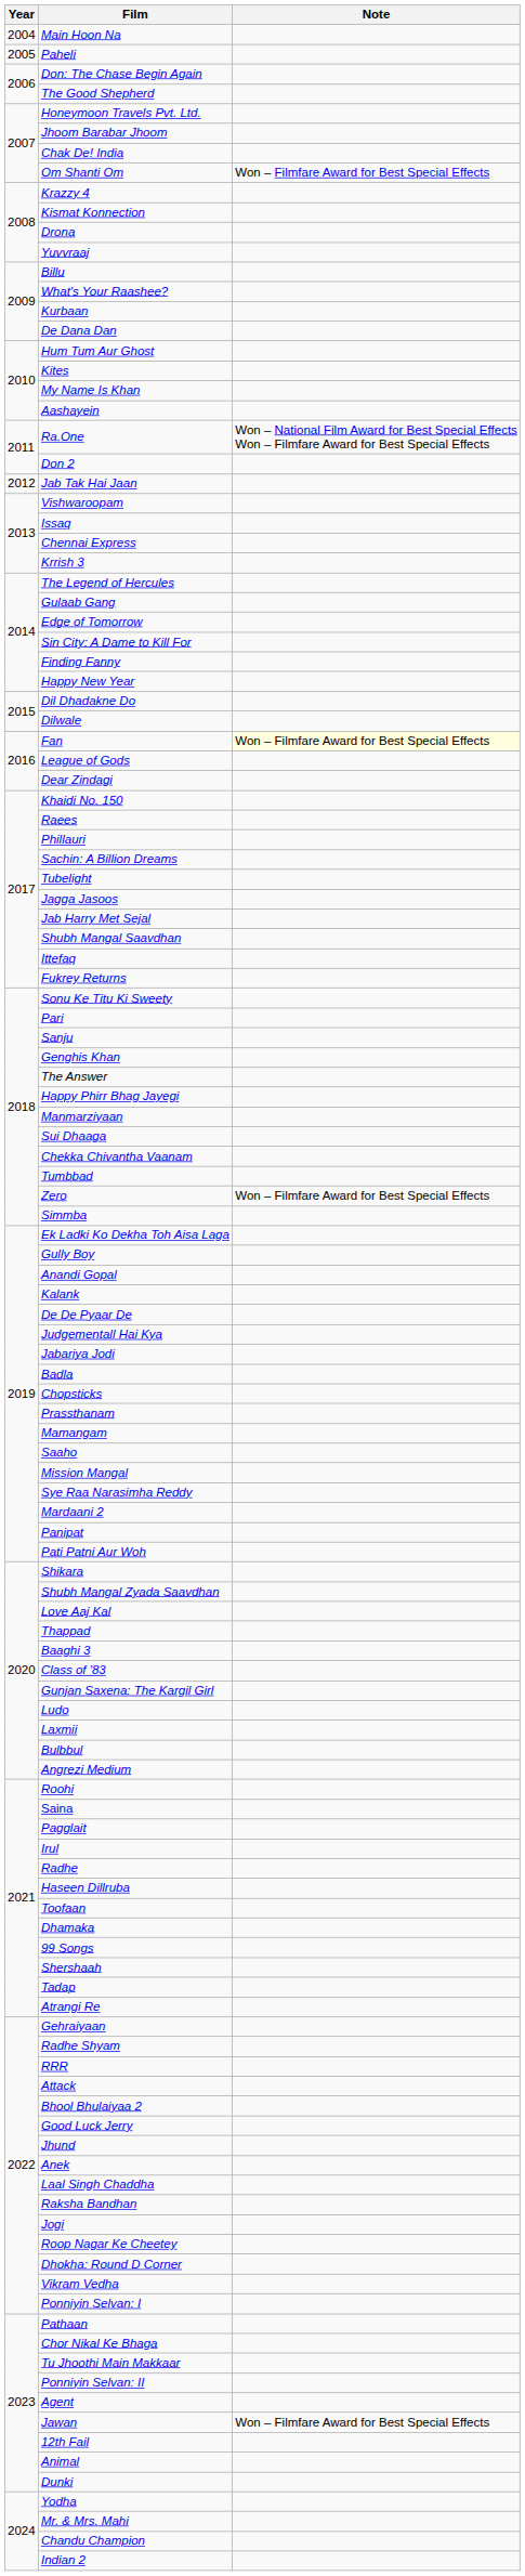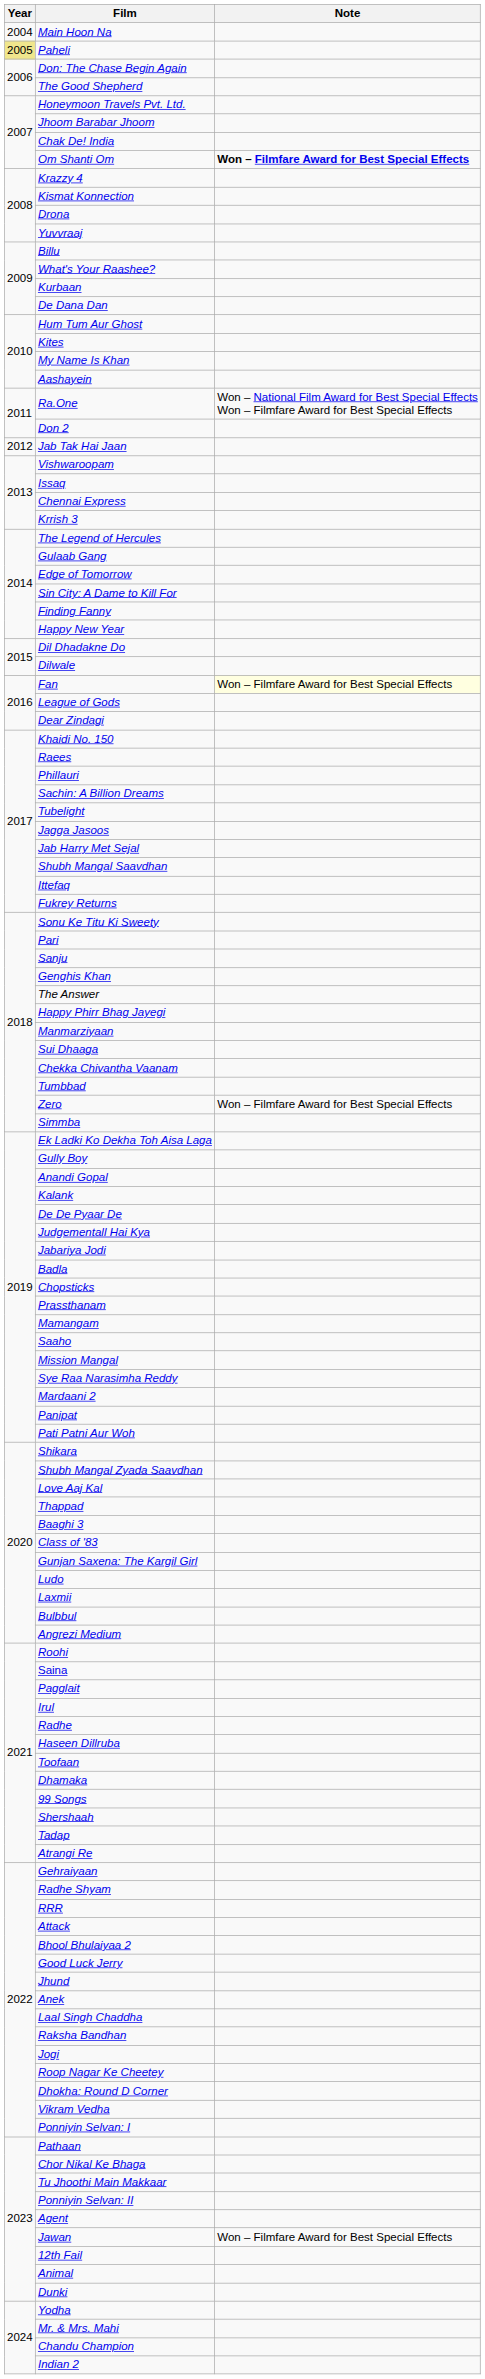 <table class="wikitable">
 <tr>
 <th>Year</th>
 <th>Film</th>
 <th>Note</th>
 </tr>
 <tr>
 <td>2004</td>
 <td><em><a href='#'>Main Hoon Na</a></em></td>
 <td></td>
 </tr>
 <tr>
-<td>2005</td>
+<td style="background: khaki;">2005</td>
 <td><em><a href='#'>Paheli</a></em></td>
 <td></td>
 </tr>
 <tr>
 <td rowspan="2">2006</td>
 <td><em><a href='#'>Don: The Chase Begin Again</a></em></td>
 <td></td>
 </tr>
 <tr>
 <td><em><a href='#'>The Good Shepherd</a></em></td>
 <td></td>
 </tr>
 <tr>
 <td rowspan="4">2007</td>
 <td><em><a href='#'>Honeymoon Travels Pvt. Ltd.</a></em></td>
 <td></td>
 </tr>
 <tr>
 <td><em><a href='#'>Jhoom Barabar Jhoom</a></em></td>
 <td></td>
 </tr>
 <tr>
 <td><em><a href='#'>Chak De! India</a></em></td>
 <td></td>
 </tr>
 <tr>
 <td><em><a href='#'>Om Shanti Om</a></em></td>
-<td>Won – <a href='#'>Filmfare Award for Best Special Effects</a></td>
+<td><strong>Won – <a href='#'>Filmfare Award for Best Special Effects</a></strong></td>
 </tr>
 <tr>
 <td rowspan="4">2008</td>
 <td><em><a href='#'>Krazzy 4</a></em></td>
 <td></td>
 </tr>
 <tr>
 <td><em><a href='#'>Kismat Konnection</a></em></td>
 <td></td>
 </tr>
 <tr>
 <td><em><a href='#'>Drona</a></em></td>
 <td></td>
 </tr>
 <tr>
 <td><em><a href='#'>Yuvvraaj</a></em></td>
 <td></td>
 </tr>
 <tr>
 <td rowspan="4">2009</td>
 <td><em><a href='#'>Billu</a></em></td>
 <td></td>
 </tr>
 <tr>
 <td><em><a href='#'>What's Your Raashee?</a></em></td>
 <td></td>
 </tr>
 <tr>
 <td><em><a href='#'>Kurbaan</a></em></td>
 <td></td>
 </tr>
 <tr>
 <td><em><a href='#'>De Dana Dan</a></em></td>
 <td></td>
 </tr>
 <tr>
 <td rowspan="4">2010</td>
 <td><em><a href='#'>Hum Tum Aur Ghost</a></em></td>
 <td></td>
 </tr>
 <tr>
 <td><em><a href='#'>Kites</a></em></td>
 <td></td>
 </tr>
 <tr>
 <td><em><a href='#'>My Name Is Khan</a></em></td>
 <td></td>
 </tr>
 <tr>
 <td><em><a href='#'>Aashayein</a></em></td>
 <td></td>
 </tr>
 <tr>
 <td rowspan="2">2011</td>
 <td><em><a href='#'>Ra.One</a></em></td>
 <td>Won – <a href='#'>National Film Award for Best Special Effects</a><br>Won – Filmfare Award for Best Special Effects</td>
 </tr>
 <tr>
 <td><em><a href='#'>Don 2</a></em></td>
 <td></td>
 </tr>
 <tr>
 <td>2012</td>
 <td><em><a href='#'>Jab Tak Hai Jaan</a></em></td>
 <td></td>
 </tr>
 <tr>
 <td rowspan="4">2013</td>
 <td><em><a href='#'>Vishwaroopam</a></em></td>
 <td></td>
 </tr>
 <tr>
 <td><em><a href='#'>Issaq</a></em></td>
 <td></td>
 </tr>
 <tr>
 <td><em><a href='#'>Chennai Express</a></em></td>
 <td></td>
 </tr>
 <tr>
 <td><em><a href='#'>Krrish 3</a></em></td>
 <td></td>
 </tr>
 <tr>
 <td rowspan="6">2014</td>
 <td><em><a href='#'>The Legend of Hercules</a></em></td>
 <td></td>
 </tr>
 <tr>
 <td><em><a href='#'>Gulaab Gang</a></em></td>
 <td></td>
 </tr>
 <tr>
 <td><em><a href='#'>Edge of Tomorrow</a></em></td>
 <td></td>
 </tr>
 <tr>
 <td><em><a href='#'>Sin City: A Dame to Kill For</a></em></td>
 <td></td>
 </tr>
 <tr>
 <td><em><a href='#'>Finding Fanny</a></em></td>
 <td></td>
 </tr>
 <tr>
 <td><em><a href='#'>Happy New Year</a></em></td>
 <td></td>
 </tr>
 <tr>
 <td rowspan="2">2015</td>
 <td><em><a href='#'>Dil Dhadakne Do</a></em></td>
 <td></td>
 </tr>
 <tr>
 <td><em><a href='#'>Dilwale</a></em></td>
 <td></td>
 </tr>
 <tr>
 <td rowspan="3">2016</td>
 <td><em><a href='#'>Fan</a></em></td>
 <td style="background: lightyellow;">Won – Filmfare Award for Best Special Effects</td>
 </tr>
 <tr>
 <td><em><a href='#'>League of Gods</a></em></td>
 <td></td>
 </tr>
 <tr>
 <td><em><a href='#'>Dear Zindagi</a></em></td>
 <td></td>
 </tr>
 <tr>
 <td rowspan="10">2017</td>
 <td><em><a href='#'>Khaidi No. 150</a></em></td>
 <td></td>
 </tr>
 <tr>
 <td><em><a href='#'>Raees</a></em></td>
 <td></td>
 </tr>
 <tr>
 <td><em><a href='#'>Phillauri</a></em></td>
 <td></td>
 </tr>
 <tr>
 <td><em><a href='#'>Sachin: A Billion Dreams</a></em></td>
 <td></td>
 </tr>
 <tr>
 <td><em><a href='#'>Tubelight</a></em></td>
 <td></td>
 </tr>
 <tr>
 <td><em><a href='#'>Jagga Jasoos</a></em></td>
 <td></td>
 </tr>
 <tr>
 <td><em><a href='#'>Jab Harry Met Sejal</a></em></td>
 <td></td>
 </tr>
 <tr>
 <td><em><a href='#'>Shubh Mangal Saavdhan</a></em></td>
 <td></td>
 </tr>
 <tr>
 <td><em><a href='#'>Ittefaq</a></em></td>
 <td></td>
 </tr>
 <tr>
 <td><em><a href='#'>Fukrey Returns</a></em></td>
 <td></td>
 </tr>
 <tr>
 <td rowspan="12">2018</td>
 <td><em><a href='#'>Sonu Ke Titu Ki Sweety</a></em></td>
 <td></td>
 </tr>
 <tr>
 <td><em><a href='#'>Pari</a></em></td>
 <td></td>
 </tr>
 <tr>
 <td><em><a href='#'>Sanju</a></em></td>
 <td></td>
 </tr>
 <tr>
 <td><em><a href='#'>Genghis Khan</a></em></td>
 <td></td>
 </tr>
 <tr>
 <td><em>The Answer</em></td>
 <td></td>
 </tr>
 <tr>
 <td><em><a href='#'>Happy Phirr Bhag Jayegi</a></em></td>
 <td></td>
 </tr>
 <tr>
 <td><em><a href='#'>Manmarziyaan</a></em></td>
 <td></td>
 </tr>
 <tr>
 <td><em><a href='#'>Sui Dhaaga</a></em></td>
 <td></td>
 </tr>
 <tr>
 <td><em><a href='#'>Chekka Chivantha Vaanam</a></em></td>
 <td></td>
 </tr>
 <tr>
 <td><em><a href='#'>Tumbbad</a></em></td>
 <td></td>
 </tr>
 <tr>
 <td><em><a href='#'>Zero</a></em></td>
 <td>Won – Filmfare Award for Best Special Effects</td>
 </tr>
 <tr>
 <td><em><a href='#'>Simmba</a></em></td>
 <td></td>
 </tr>
 <tr>
 <td rowspan="17">2019</td>
 <td><em><a href='#'>Ek Ladki Ko Dekha Toh Aisa Laga</a></em></td>
 <td></td>
 </tr>
 <tr>
 <td><em><a href='#'>Gully Boy</a></em></td>
 <td></td>
 </tr>
 <tr>
 <td><em><a href='#'>Anandi Gopal</a></em></td>
 <td></td>
 </tr>
 <tr>
 <td><em><a href='#'>Kalank</a></em></td>
 <td></td>
 </tr>
 <tr>
 <td><em><a href='#'>De De Pyaar De</a></em></td>
 <td></td>
 </tr>
 <tr>
 <td><em><a href='#'>Judgementall Hai Kya</a></em></td>
 <td></td>
 </tr>
 <tr>
 <td><em><a href='#'>Jabariya Jodi</a></em></td>
 <td></td>
 </tr>
 <tr>
 <td><a href='#'><em>Badla</em></a></td>
 <td></td>
 </tr>
 <tr>
 <td><em><a href='#'>Chopsticks</a></em></td>
 <td></td>
 </tr>
 <tr>
 <td><em><a href='#'>Prassthanam</a></em></td>
 <td></td>
 </tr>
 <tr>
 <td><em><a href='#'>Mamangam</a></em></td>
 <td></td>
 </tr>
 <tr>
 <td><em><a href='#'>Saaho</a></em></td>
 <td></td>
 </tr>
 <tr>
 <td><em><a href='#'>Mission Mangal</a></em></td>
 <td></td>
 </tr>
 <tr>
 <td><em><a href='#'>Sye Raa Narasimha Reddy</a></em></td>
 <td></td>
 </tr>
 <tr>
 <td><em><a href='#'>Mardaani 2</a></em></td>
 <td></td>
 </tr>
 <tr>
 <td><em><a href='#'>Panipat</a></em></td>
 <td></td>
 </tr>
 <tr>
 <td><em><a href='#'>Pati Patni Aur Woh</a></em></td>
 <td></td>
 </tr>
 <tr>
 <td rowspan="11">2020</td>
 <td><em><a href='#'>Shikara</a></em></td>
 <td></td>
 </tr>
 <tr>
 <td><em><a href='#'>Shubh Mangal Zyada Saavdhan</a></em></td>
 <td></td>
 </tr>
 <tr>
 <td><em><a href='#'>Love Aaj Kal</a></em></td>
 <td></td>
 </tr>
 <tr>
 <td><em><a href='#'>Thappad</a></em></td>
 <td></td>
 </tr>
 <tr>
 <td><em><a href='#'>Baaghi 3</a></em></td>
 <td></td>
 </tr>
 <tr>
 <td><em><a href='#'>Class of '83</a></em></td>
 <td></td>
 </tr>
 <tr>
 <td><em><a href='#'>Gunjan Saxena: The Kargil Girl</a></em></td>
 <td></td>
 </tr>
 <tr>
 <td><em><a href='#'>Ludo</a></em></td>
 <td></td>
 </tr>
 <tr>
 <td><em><a href='#'>Laxmii</a></em></td>
 <td></td>
 </tr>
 <tr>
 <td><em><a href='#'>Bulbbul</a></em></td>
 <td></td>
 </tr>
 <tr>
 <td><em><a href='#'>Angrezi Medium</a></em></td>
 <td></td>
 </tr>
 <tr>
 <td rowspan="12">2021</td>
 <td><em><a href='#'>Roohi</a></em></td>
 <td></td>
 </tr>
 <tr>
 <td><em><a href='#'></em>Saina<em></a></em></td>
 <td></td>
 </tr>
 <tr>
 <td><em><a href='#'>Pagglait</a></em></td>
 <td></td>
 </tr>
 <tr>
 <td><em><a href='#'>Irul</a></em></td>
 <td></td>
 </tr>
 <tr>
 <td><em><a href='#'>Radhe</a></em></td>
 <td></td>
 </tr>
 <tr>
 <td><em><a href='#'>Haseen Dillruba</a></em></td>
 <td></td>
 </tr>
 <tr>
 <td><em><a href='#'>Toofaan</a></em></td>
 <td></td>
 </tr>
 <tr>
 <td><em><a href='#'>Dhamaka</a></em></td>
 <td></td>
 </tr>
 <tr>
 <td><em><a href='#'>99 Songs</a></em></td>
 <td></td>
 </tr>
 <tr>
 <td><em><a href='#'>Shershaah</a></em></td>
 <td></td>
 </tr>
 <tr>
 <td><em><a href='#'>Tadap</a></em></td>
 <td></td>
 </tr>
 <tr>
 <td><em><a href='#'>Atrangi Re</a></em></td>
 <td></td>
 </tr>
 <tr>
 <td rowspan="15">2022</td>
 <td><em><a href='#'>Gehraiyaan</a></em></td>
 <td></td>
 </tr>
 <tr>
 <td><em><a href='#'>Radhe Shyam</a></em></td>
 <td></td>
 </tr>
 <tr>
 <td><em><a href='#'>RRR</a></em></td>
 <td></td>
 </tr>
 <tr>
 <td><em><a href='#'>Attack</a></em></td>
 <td></td>
 </tr>
 <tr>
 <td><em><a href='#'>Bhool Bhulaiyaa 2</a></em></td>
 <td></td>
 </tr>
 <tr>
 <td><em><a href='#'>Good Luck Jerry</a></em></td>
 <td></td>
 </tr>
 <tr>
 <td><em><a href='#'>Jhund</a></em></td>
 <td></td>
 </tr>
 <tr>
 <td><em><a href='#'>Anek</a></em></td>
 <td></td>
 </tr>
 <tr>
 <td><em><a href='#'>Laal Singh Chaddha</a></em></td>
 <td></td>
 </tr>
 <tr>
 <td><em><a href='#'>Raksha Bandhan</a></em></td>
 <td></td>
 </tr>
 <tr>
 <td><em><a href='#'>Jogi</a></em></td>
 <td></td>
 </tr>
 <tr>
 <td><em><a href='#'>Roop Nagar Ke Cheetey</a></em></td>
 <td></td>
 </tr>
 <tr>
 <td><em><a href='#'>Dhokha: Round D Corner</a></em></td>
 <td></td>
 </tr>
 <tr>
 <td><em><a href='#'>Vikram Vedha</a></em></td>
 <td></td>
 </tr>
 <tr>
 <td><em><a href='#'>Ponniyin Selvan: I</a></em></td>
 <td></td>
 </tr>
 <tr>
 <td rowspan="9">2023</td>
 <td><em><a href='#'>Pathaan</a></em></td>
 <td></td>
 </tr>
 <tr>
 <td><em><a href='#'>Chor Nikal Ke Bhaga</a></em></td>
 <td></td>
 </tr>
 <tr>
 <td><em><a href='#'>Tu Jhoothi Main Makkaar</a></em></td>
 <td></td>
 </tr>
 <tr>
 <td><em><a href='#'>Ponniyin Selvan: II</a></em></td>
 <td></td>
 </tr>
 <tr>
 <td><em><a href='#'>Agent</a></em></td>
 <td></td>
 </tr>
 <tr>
 <td><em><a href='#'>Jawan</a></em></td>
 <td>Won – Filmfare Award for Best Special Effects</td>
 </tr>
 <tr>
 <td><em><a href='#'>12th Fail</a></em></td>
 <td></td>
 </tr>
 <tr>
 <td><em><a href='#'>Animal</a></em></td>
 <td></td>
 </tr>
 <tr>
 <td><em><a href='#'>Dunki</a></em></td>
 <td></td>
 </tr>
 <tr>
 <td rowspan="4">2024</td>
 <td><em><a href='#'>Yodha</a></em></td>
 <td></td>
 </tr>
 <tr>
 <td><em><a href='#'>Mr. & Mrs. Mahi</a></em></td>
 <td></td>
 </tr>
 <tr>
 <td><em><a href='#'>Chandu Champion</a></em></td>
 <td></td>
 </tr>
 <tr>
 <td><em><a href='#'>Indian 2</a></em></td>
 <td></td>
 </tr>
 </table>
